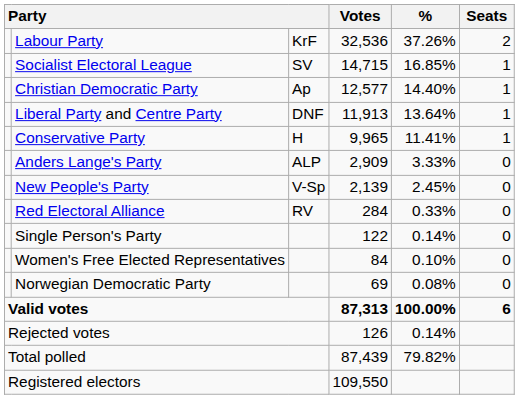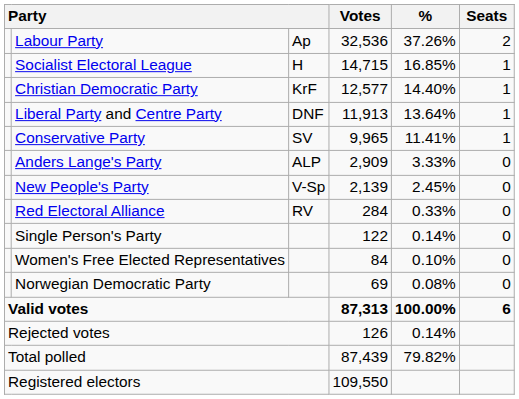 <table class="wikitable" border="1" style="text-align:right;">
 <tr>
 <th style="text-align:left;" colspan=3>Party</th>
 <th align=center width="50">Votes</th>
 <th align=center width="50">%</th>
 <th align=center width="50">Seats</th>
 </tr>
 <tr>
 <td style="color:inherit;background:"></td>
 <td align=left><a href='#'>Labour Party</a></td>
-<td align=left>KrF</td>
+<td align=left>Ap</td>
 <td>32,536</td>
 <td>37.26%</td>
 <td>2</td>
 </tr>
 <tr>
 <td style="color:inherit;background:"></td>
 <td align=left><a href='#'>Socialist Electoral League</a></td>
-<td align=left>SV</td>
+<td align=left>H</td>
 <td>14,715</td>
 <td>16.85%</td>
 <td>1</td>
 </tr>
 <tr>
 <td style="color:inherit;background:"></td>
 <td align=left><a href='#'>Christian Democratic Party</a></td>
-<td align=left>Ap</td>
+<td align=left>KrF</td>
 <td>12,577</td>
 <td>14.40%</td>
 <td>1</td>
 </tr>
 <tr>
 <td></td>
 <td align=left><a href='#'>Liberal Party</a> and <a href='#'>Centre Party</a></td>
 <td align=left>DNF</td>
 <td>11,913</td>
 <td>13.64%</td>
 <td>1</td>
 </tr>
 <tr>
 <td style="color:inherit;background:"></td>
 <td align=left><a href='#'>Conservative Party</a></td>
-<td align=left>H</td>
+<td align=left>SV</td>
 <td>9,965</td>
 <td>11.41%</td>
 <td>1</td>
 </tr>
 <tr>
 <td style="color:inherit;background:"></td>
 <td align=left><a href='#'>Anders Lange's Party</a></td>
 <td align=left>ALP</td>
 <td>2,909</td>
 <td>3.33%</td>
 <td>0</td>
 </tr>
 <tr>
 <td style="color:inherit;background:"></td>
 <td align=left><a href='#'>New People's Party</a></td>
 <td align=left>V-Sp</td>
 <td>2,139</td>
 <td>2.45%</td>
 <td>0</td>
 </tr>
 <tr>
 <td style="color:inherit;background:"></td>
 <td align=left><a href='#'>Red Electoral Alliance</a></td>
 <td align=left>RV</td>
 <td>284</td>
 <td>0.33%</td>
 <td>0</td>
 </tr>
 <tr>
 <td></td>
 <td align=left>Single Person's Party</td>
 <td align=left></td>
 <td>122</td>
 <td>0.14%</td>
 <td>0</td>
 </tr>
 <tr>
 <td></td>
 <td align=left>Women's Free Elected Representatives</td>
 <td align=left></td>
 <td>84</td>
 <td>0.10%</td>
 <td>0</td>
 </tr>
 <tr>
 <td></td>
 <td align=left>Norwegian Democratic Party</td>
 <td align=left></td>
 <td>69</td>
 <td>0.08%</td>
 <td>0</td>
 </tr>
 <tr style="font-weight:bold">
 <td align=left colspan=3>Valid votes</td>
 <td>87,313</td>
 <td>100.00%</td>
 <td>6</td>
 </tr>
 <tr>
 <td align=left colspan=3>Rejected votes</td>
 <td>126</td>
 <td>0.14%</td>
 <td></td>
 </tr>
 <tr>
 <td align=left colspan=3>Total polled</td>
 <td>87,439</td>
 <td>79.82%</td>
 <td></td>
 </tr>
 <tr>
 <td align=left colspan=3>Registered electors</td>
 <td>109,550</td>
 <td></td>
 <td></td>
 </tr>
 </table>
